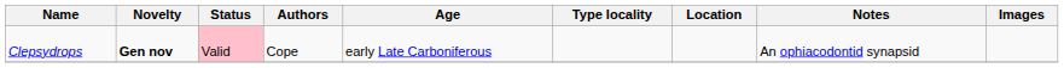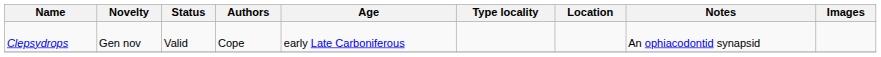 <table class="wikitable sortable" align="center" width="100%">
 <tr>
 <th>Name</th>
 <th>Novelty</th>
 <th>Status</th>
 <th>Authors</th>
 <th>Age</th>
 <th>Type locality</th>
 <th>Location</th>
 <th>Notes</th>
 <th>Images</th>
 </tr>
 <tr>
 <td><br><em><a href='#'>Clepsydrops</a></em></td>
-<td><strong><br>Gen nov</strong></td>
-<td style="background: pink;"><br>Valid</td>
+<td><br>Gen nov</td>
+<td><br>Valid</td>
 <td><br>Cope</td>
 <td><br>early <a href='#'>Late Carboniferous</a></td>
 <td></td>
 <td><br><br></td>
 <td><br>An <a href='#'>ophiacodontid</a> synapsid</td>
 <td><br></td>
 </tr>
 <tr>
 </tr>
 </table>
